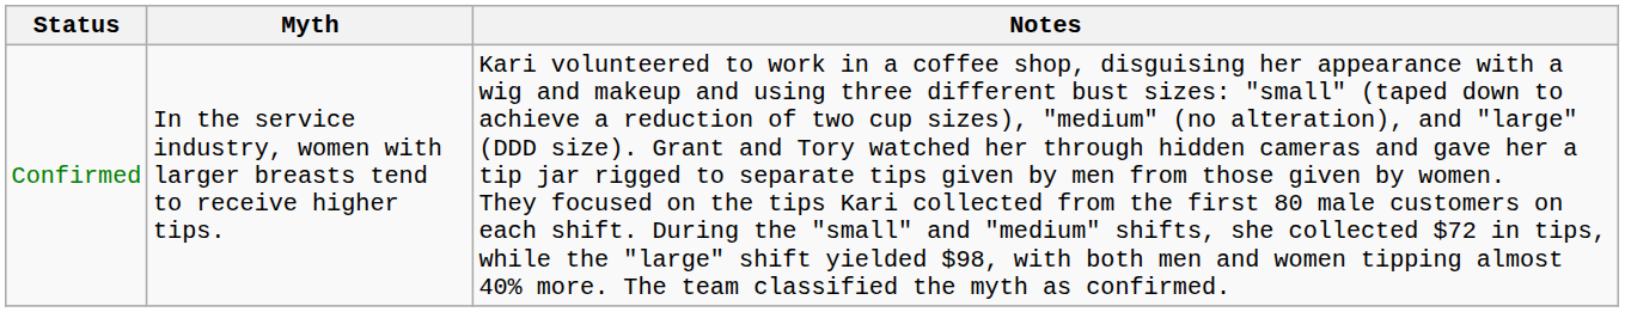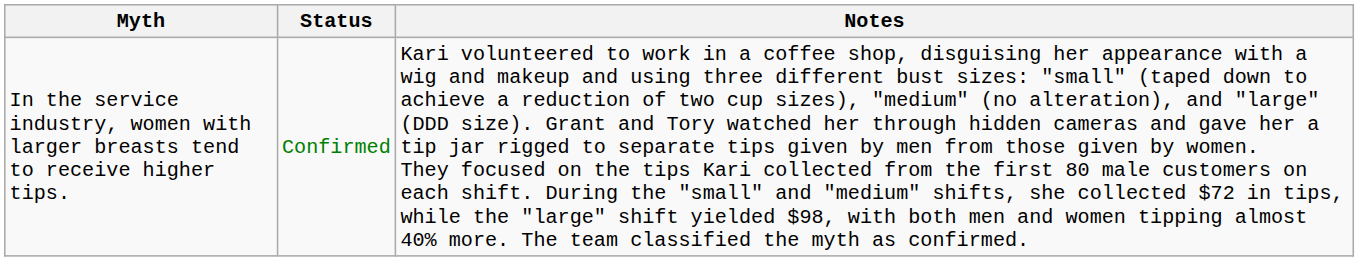 <table class="wikitable plainrowheaders">
 <tr>
+<th scope"col">Myth</th>
 <th scope"col">Status</th>
-<th scope"col">Myth</th>
 <th scope"col">Notes</th>
 </tr>
 <tr>
+<td scope"row">In the service industry, women with larger breasts tend to receive higher tips.</td>
 <td style="color:green">Confirmed</td>
-<td scope"row">In the service industry, women with larger breasts tend to receive higher tips.</td>
 <td>Kari volunteered to work in a coffee shop, disguising her appearance with a wig and makeup and using three different bust sizes: "small" (taped down to achieve a reduction of two cup sizes), "medium" (no alteration), and "large" (DDD size). Grant and Tory watched her through hidden cameras and gave her a tip jar rigged to separate tips given by men from those given by women.<br>They focused on the tips Kari collected from the first 80 male customers on each shift. During the "small" and "medium" shifts, she collected $72 in tips, while the "large" shift yielded $98, with both men and women tipping almost 40% more. The team classified the myth as confirmed.</td>
 </tr>
 </table>
